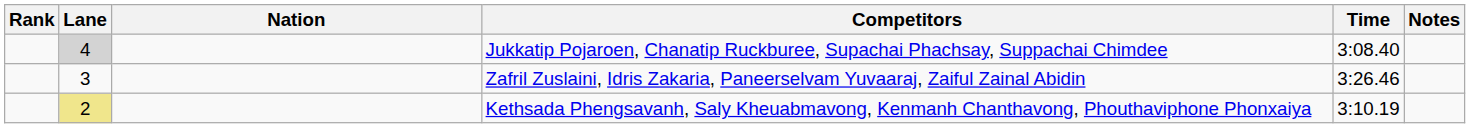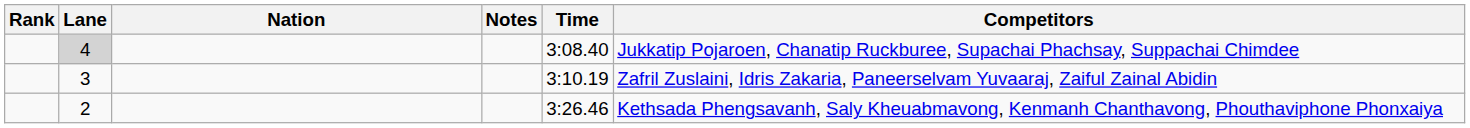 <table class="wikitable sortable" width=75% style="text-align:center; font-size:95%">
 <tr>
 <th width=15>Rank</th>
 <th width=15>Lane</th>
 <th width=300>Nation</th>
+<th width=15>Notes</th>
+<th width=15>Time</th>
 <th width=700>Competitors</th>
-<th width=15>Time</th>
-<th width=15>Notes</th>
 </tr>
 <tr>
 <td></td>
 <td style="background: lightgrey;">4</td>
 <td align=left></td>
+<td></td>
+<td>3:08.40</td>
 <td align=left><a href='#'>Jukkatip Pojaroen</a>, <a href='#'>Chanatip Ruckburee</a>, <a href='#'>Supachai Phachsay</a>, <a href='#'>Suppachai Chimdee</a></td>
-<td>3:08.40</td>
-<td></td>
 </tr>
 <tr>
 <td></td>
 <td>3</td>
 <td align=left></td>
+<td></td>
+<td>3:10.19</td>
 <td align=left><a href='#'>Zafril Zuslaini</a>, <a href='#'>Idris Zakaria</a>, <a href='#'>Paneerselvam Yuvaaraj</a>, <a href='#'>Zaiful Zainal Abidin</a></td>
-<td>3:26.46</td>
-<td></td>
 </tr>
 <tr>
 <td></td>
-<td style="background: khaki;">2</td>
+<td>2</td>
 <td align=left></td>
+<td></td>
+<td>3:26.46</td>
 <td align=left><a href='#'>Kethsada Phengsavanh</a>, <a href='#'>Saly Kheuabmavong</a>, <a href='#'>Kenmanh Chanthavong</a>, <a href='#'>Phouthaviphone Phonxaiya</a></td>
-<td>3:10.19</td>
-<td></td>
 </tr>
 </table>
